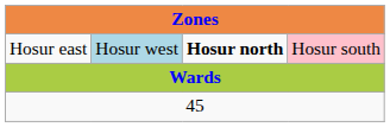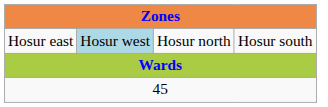 <table class="wikitable">
 <tr>
 <th style="color:blue; background-color:#EE8844;" colspan="4">Zones</th>
 </tr>
 <tr>
 <td>Hosur east</td>
 <td style="background: lightblue;">Hosur west</td>
-<td><strong>Hosur north</strong></td>
-<td style="background: pink;">Hosur south</td>
+<td>Hosur north</td>
+<td>Hosur south</td>
 </tr>
 <tr>
 <th style="color:blue; background-color:#AACC44;" colspan="4">Wards</th>
 </tr>
 <tr>
 <td colspan="4" align="center">45</td>
 </tr>
 </table>
